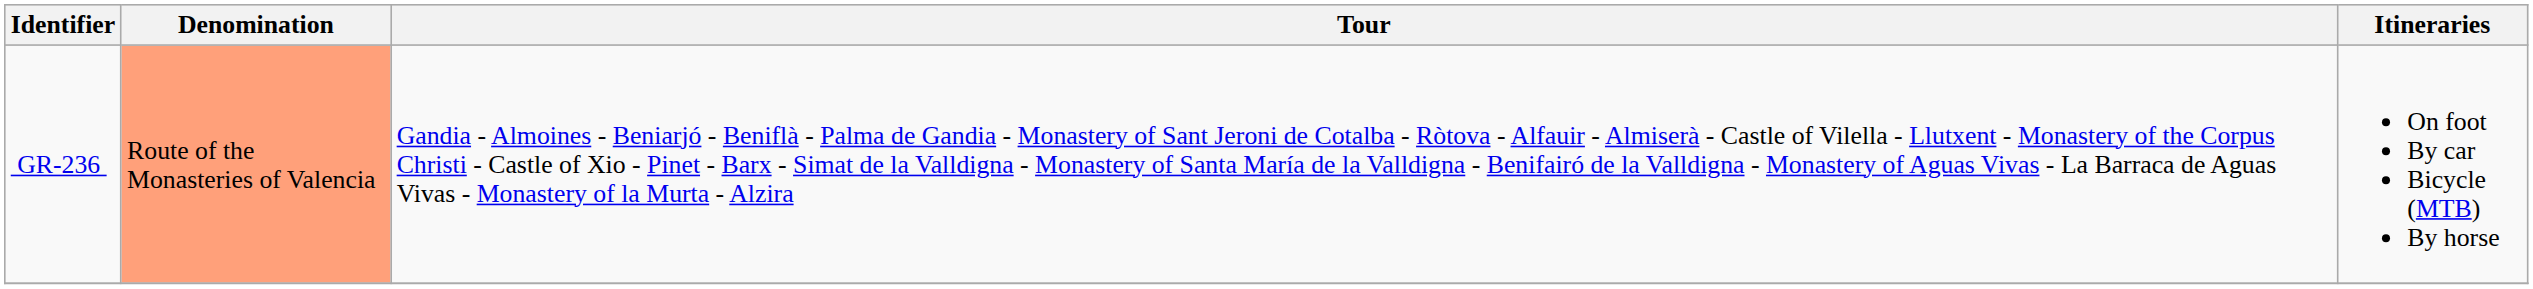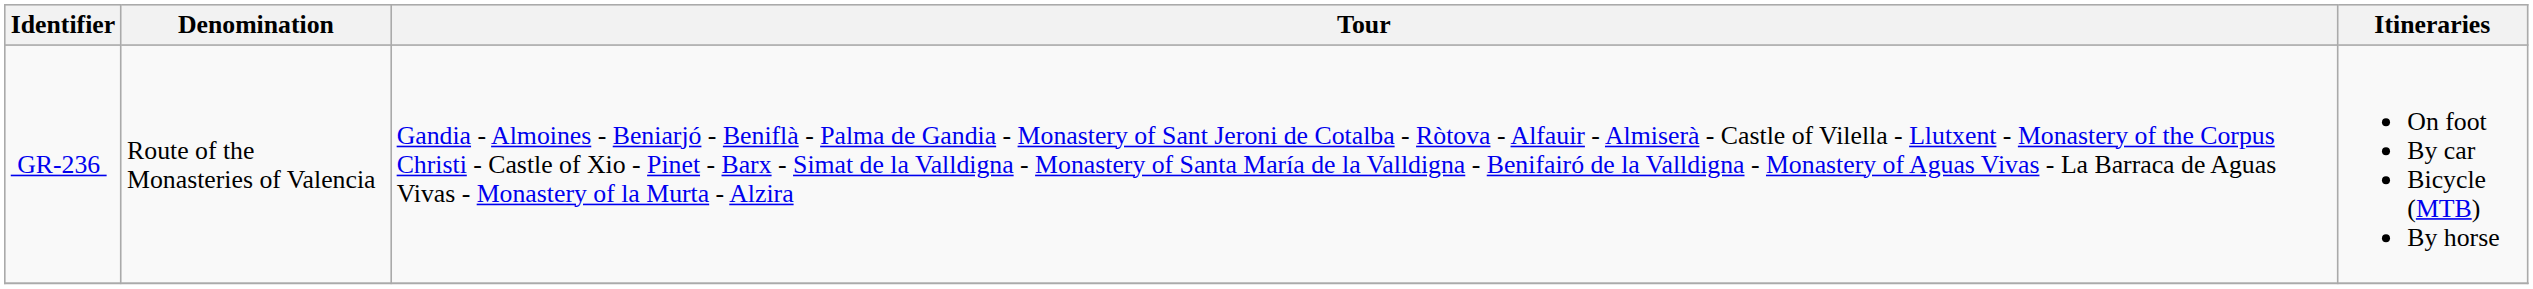 <table class="wikitable">
 <tr>
 <th>Identifier</th>
 <th>Denomination</th>
 <th>Tour</th>
 <th>Itineraries</th>
 </tr>
 <tr --->
 <td><strong><a href='#'><span> </strong> GR-236 <strong></span></a></strong></td>
-<td style="background: lightsalmon;">Route of the Monasteries of Valencia</td>
+<td>Route of the Monasteries of Valencia</td>
 <td><a href='#'>Gandia</a> - <a href='#'>Almoines</a> - <a href='#'>Beniarjó</a> - <a href='#'>Beniflà</a> - <a href='#'>Palma de Gandia</a> - <a href='#'>Monastery of Sant Jeroni de Cotalba</a> - <a href='#'>Ròtova</a> - <a href='#'>Alfauir</a> - <a href='#'>Almiserà</a> - Castle of Vilella - <a href='#'>Llutxent</a> - <a href='#'>Monastery of the Corpus Christi</a> - Castle of Xio - <a href='#'>Pinet</a> - <a href='#'>Barx</a> - <a href='#'>Simat de la Valldigna</a> - <a href='#'>Monastery of Santa María de la Valldigna</a> - <a href='#'>Benifairó de la Valldigna</a> - <a href='#'>Monastery of Aguas Vivas</a> - La Barraca de Aguas Vivas - <a href='#'>Monastery of la Murta</a> - <a href='#'>Alzira</a></td>
 <td><br><ul><li>On foot</li><li>By car</li><li>Bicycle (<a href='#'>MTB</a>)</li><li>By horse</li></ul></td>
 </tr>
 <tr --->
 </tr>
 </table>
